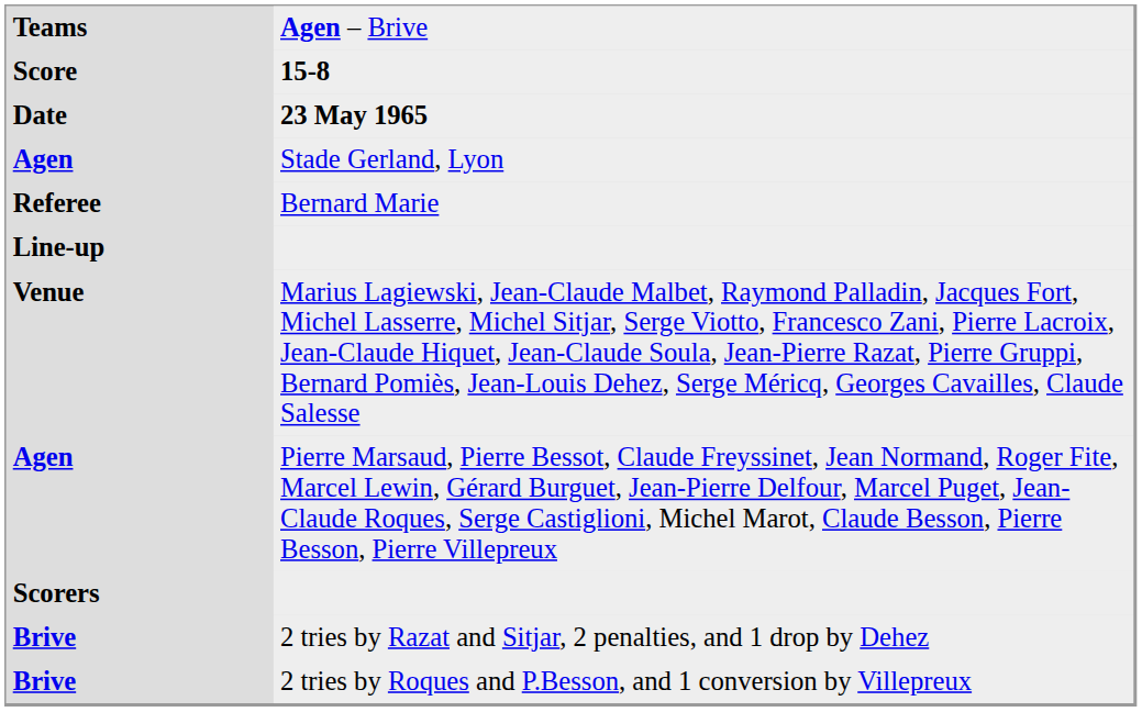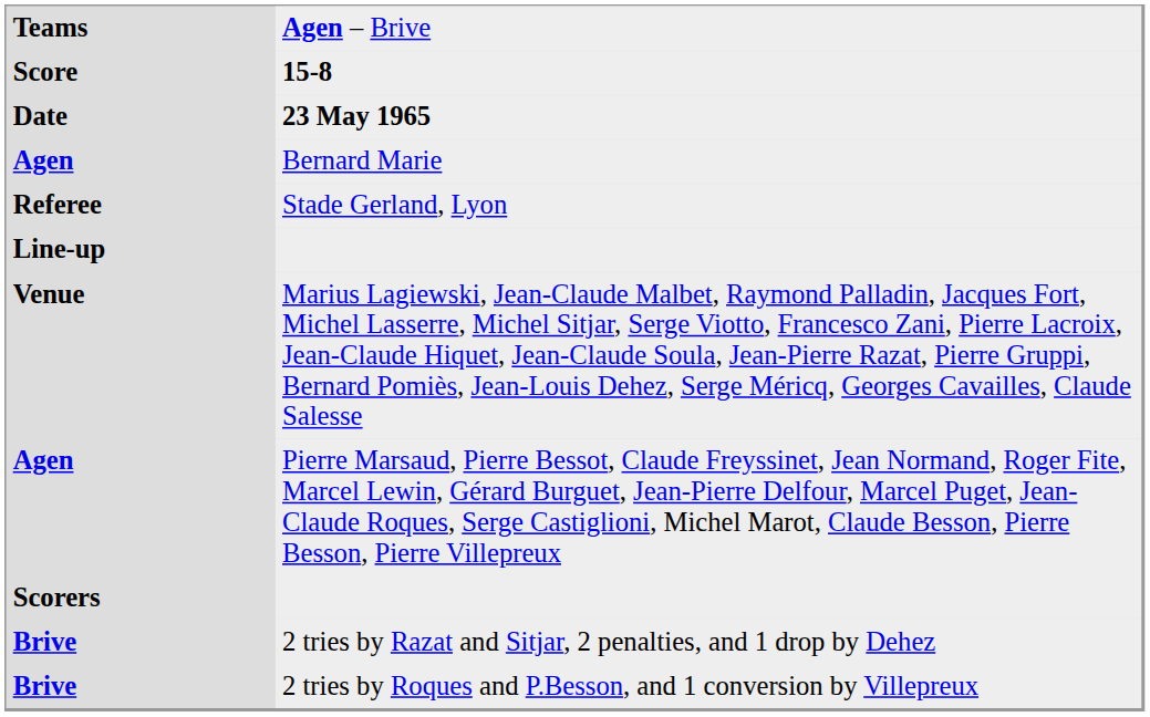 <table align="left" cellpadding="4" cellspacing="0"  style="margin: 0 0 0 0; border: 1px solid #999; border-right-width: 2px; border-bottom-width: 2px; background-color: #DDDDDD">
 <tr>
 <td width="150" valign="top"><strong>Teams</strong></td>
 <td width="500" bgcolor=#EEEEEE><strong><a href='#'>Agen</a></strong> – <a href='#'>Brive</a></td>
 </tr>
 <tr>
 <td valign="top"><strong>Score</strong></td>
 <td bgcolor=#EEEEEE><strong>15-8</strong></td>
 </tr>
 <tr>
 <td valign="top"><strong>Date</strong></td>
 <td bgcolor=#EEEEEE><strong>23 May 1965</strong></td>
 </tr>
 <tr>
 <td valign="top"><strong> <a href='#'>Agen</a> </strong></td>
-<td bgcolor=#EEEEEE><a href='#'>Stade Gerland</a>, <a href='#'>Lyon</a></td>
+<td bgcolor=#EEEEEE><a href='#'>Bernard Marie</a></td>
 </tr>
 <tr>
 <td valign="top"><strong>Referee</strong></td>
-<td bgcolor=#EEEEEE><a href='#'>Bernard Marie</a></td>
+<td bgcolor=#EEEEEE><a href='#'>Stade Gerland</a>, <a href='#'>Lyon</a></td>
 </tr>
 <tr>
 <td valign="top"><strong>Line-up</strong></td>
 <td bgcolor=#EEEEEE></td>
 </tr>
 <tr>
 <td valign="top"><strong>Venue</strong></td>
 <td bgcolor=#EEEEEE><a href='#'>Marius Lagiewski</a>, <a href='#'>Jean-Claude Malbet</a>, <a href='#'>Raymond Palladin</a>, <a href='#'>Jacques Fort</a>, <a href='#'>Michel Lasserre</a>, <a href='#'>Michel Sitjar</a>, <a href='#'>Serge Viotto</a>, <a href='#'>Francesco Zani</a>, <a href='#'>Pierre Lacroix</a>, <a href='#'>Jean-Claude Hiquet</a>, <a href='#'>Jean-Claude Soula</a>, <a href='#'>Jean-Pierre Razat</a>, <a href='#'>Pierre Gruppi</a>, <a href='#'>Bernard Pomiès</a>, <a href='#'>Jean-Louis Dehez</a>, <a href='#'>Serge Méricq</a>, <a href='#'>Georges Cavailles</a>, <a href='#'>Claude Salesse</a></td>
 </tr>
 <tr>
 <td valign="top"><strong><a href='#'>Agen</a>  </strong></td>
 <td bgcolor=#EEEEEE><a href='#'>Pierre Marsaud</a>, <a href='#'>Pierre Bessot</a>, <a href='#'>Claude Freyssinet</a>, <a href='#'>Jean Normand</a>, <a href='#'>Roger Fite</a>, <a href='#'>Marcel Lewin</a>, <a href='#'>Gérard Burguet</a>, <a href='#'>Jean-Pierre Delfour</a>, <a href='#'>Marcel Puget</a>, <a href='#'>Jean-Claude Roques</a>, <a href='#'>Serge Castiglioni</a>, Michel Marot, <a href='#'>Claude Besson</a>, <a href='#'>Pierre Besson</a>, <a href='#'>Pierre Villepreux</a></td>
 </tr>
 <tr>
 <td valign="top"><strong>Scorers</strong></td>
 <td bgcolor=#EEEEEE></td>
 </tr>
 <tr>
 <td valign="top"><strong><a href='#'>Brive</a></strong></td>
 <td bgcolor=#EEEEEE>2 tries by <a href='#'>Razat</a> and <a href='#'>Sitjar</a>, 2 penalties, and 1 drop by <a href='#'>Dehez</a></td>
 </tr>
 <tr>
 <td valign="top"><strong><a href='#'>Brive</a></strong></td>
 <td bgcolor=#EEEEEE>2 tries by <a href='#'>Roques</a> and <a href='#'>P.Besson</a>, and 1 conversion by <a href='#'>Villepreux</a></td>
 </tr>
 </table>
